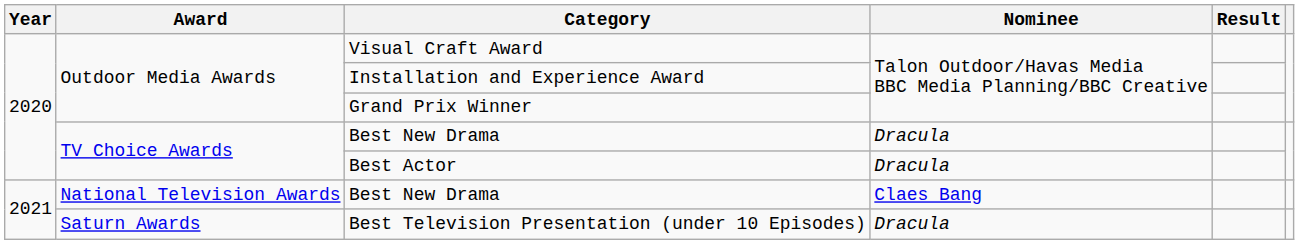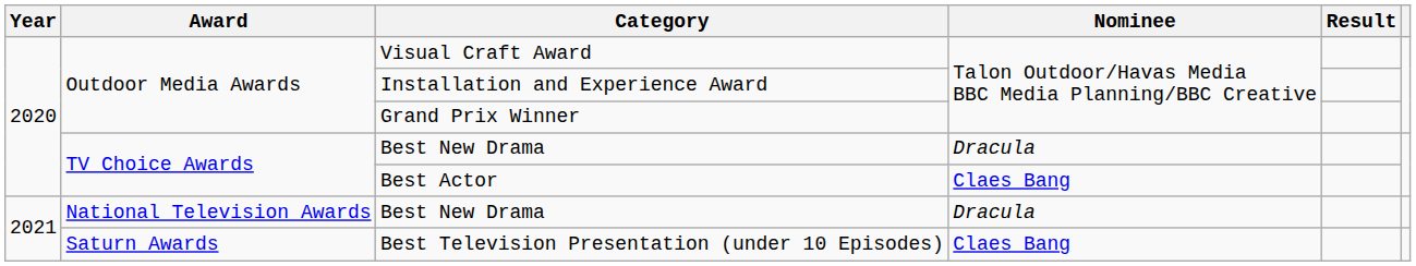 <table class="wikitable">
 <tr>
 <th>Year</th>
 <th>Award</th>
 <th>Category</th>
 <th>Nominee</th>
 <th>Result</th>
 <th class="unsortable"></th>
 </tr>
 <tr>
 <td rowspan="5">2020</td>
 <td rowspan="3">Outdoor Media Awards</td>
 <td>Visual Craft Award</td>
 <td rowspan="3">Talon Outdoor/Havas Media<br>BBC Media Planning/BBC Creative</td>
 <td></td>
 <td rowspan="3"></td>
 </tr>
 <tr>
 <td>Installation and Experience Award</td>
 <td></td>
 </tr>
 <tr>
 <td>Grand Prix Winner</td>
 <td></td>
 </tr>
 <tr>
 <td rowspan="2"><a href='#'>TV Choice Awards</a></td>
 <td>Best New Drama</td>
 <td><em>Dracula</em></td>
 <td></td>
 <td rowspan="2"></td>
 </tr>
 <tr>
 <td>Best Actor</td>
-<td><em>Dracula</em></td>
+<td><a href='#'>Claes Bang</a></td>
 <td></td>
 </tr>
 <tr>
 <td rowspan="2">2021</td>
 <td><a href='#'>National Television Awards</a></td>
 <td>Best New Drama</td>
-<td><a href='#'>Claes Bang</a></td>
+<td><em>Dracula</em></td>
 <td></td>
 <td></td>
 </tr>
 <tr>
 <td><a href='#'>Saturn Awards</a></td>
 <td>Best Television Presentation (under 10 Episodes)</td>
-<td><em>Dracula</em></td>
+<td><a href='#'>Claes Bang</a></td>
 <td></td>
 <td></td>
 </tr>
 </table>
